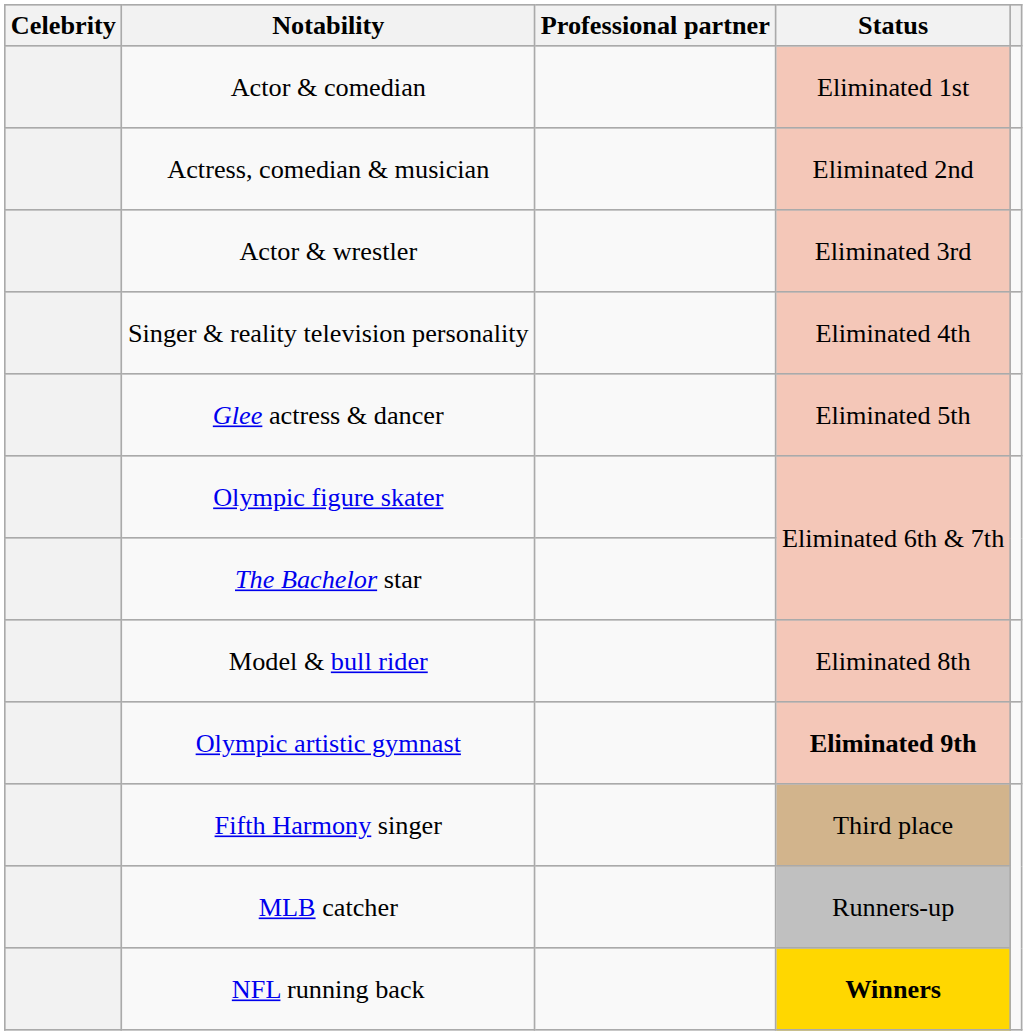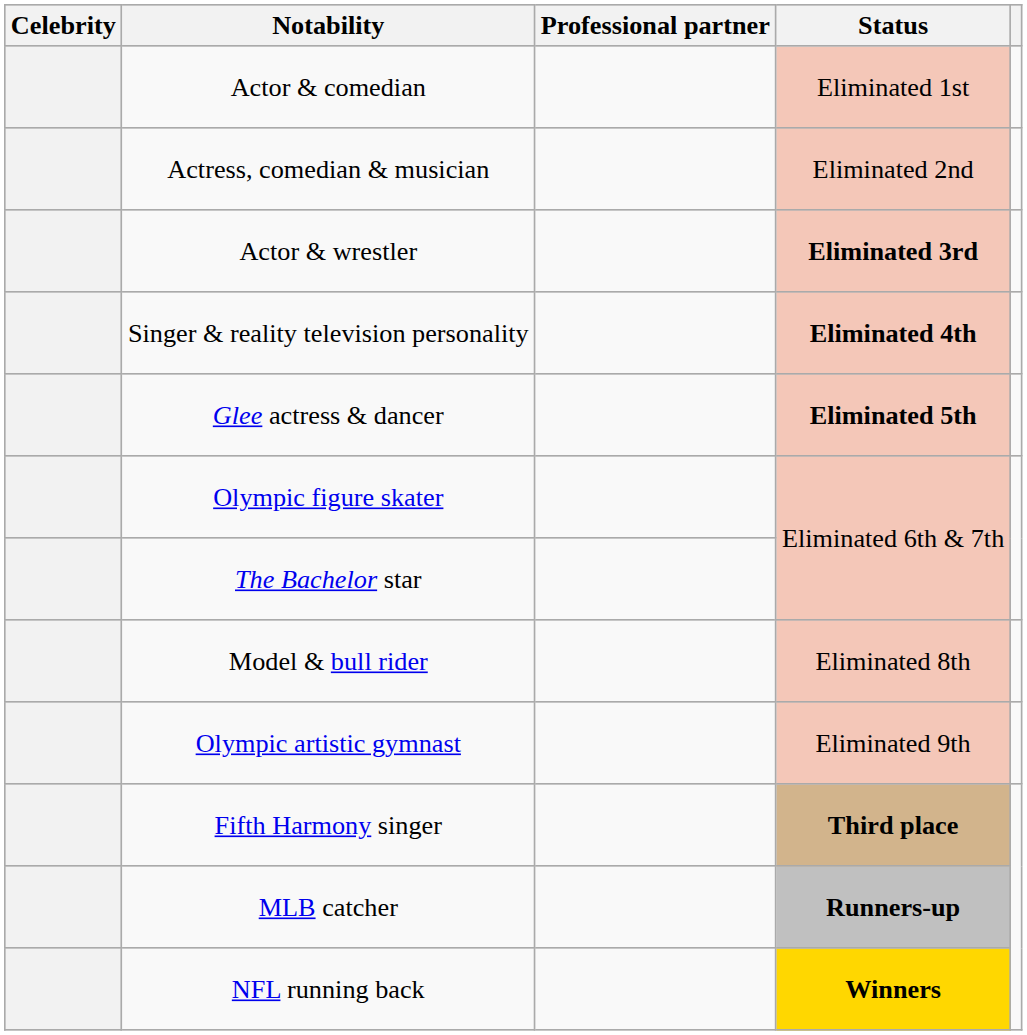 <table class="wikitable sortable" style="text-align:center;">
 <tr>
 <th scope="col">Celebrity</th>
 <th scope="col" class="unsortable">Notability</th>
 <th scope="col">Professional partner</th>
 <th scope="col">Status</th>
 <th scope="col" class="unsortable"></th>
 </tr>
 <tr style="height:50px">
 <th scope="row"></th>
 <td>Actor & comedian</td>
 <td></td>
 <td style="background:#f4c7b8;">Eliminated 1st<br></td>
 <td></td>
 </tr>
 <tr style="height:50px">
 <th scope="row"></th>
 <td>Actress, comedian & musician</td>
 <td></td>
 <td style="background:#f4c7b8;">Eliminated 2nd<br></td>
 <td></td>
 </tr>
 <tr style="height:50px">
 <th scope="row"></th>
 <td>Actor & wrestler</td>
 <td></td>
-<td style="background:#f4c7b8;">Eliminated 3rd<br></td>
+<td style="background:#f4c7b8;"><strong>Eliminated 3rd<br></strong></td>
 <td></td>
 </tr>
 <tr style="height:50px">
 <th scope="row"></th>
 <td>Singer & reality television personality</td>
 <td></td>
-<td style="background:#f4c7b8;">Eliminated 4th<br></td>
+<td style="background:#f4c7b8;"><strong>Eliminated 4th<br></strong></td>
 <td></td>
 </tr>
 <tr style="height:50px">
 <th scope="row"></th>
 <td><em><a href='#'>Glee</a></em> actress & dancer</td>
 <td><br><em></em></td>
-<td style="background:#f4c7b8;">Eliminated 5th<br></td>
+<td style="background:#f4c7b8;"><strong>Eliminated 5th<br></strong></td>
 <td></td>
 </tr>
 <tr style="height:50px">
 <th scope="row"></th>
 <td><a href='#'>Olympic figure skater</a></td>
 <td></td>
 <td style="background:#f4c7b8;" rowspan=2>Eliminated 6th & 7th<br></td>
 <td rowspan=2></td>
 </tr>
 <tr style="height:50px">
 <th scope="row"></th>
 <td><em><a href='#'>The Bachelor</a></em> star</td>
 <td></td>
 </tr>
 <tr style="height:50px">
 <th scope="row"></th>
 <td>Model & <a href='#'>bull rider</a></td>
 <td></td>
 <td style="background:#f4c7b8;">Eliminated 8th<br></td>
 <td></td>
 </tr>
 <tr style="height:50px">
 <th scope="row"></th>
 <td><a href='#'>Olympic artistic gymnast</a></td>
 <td></td>
-<td style="background:#f4c7b8;"><strong>Eliminated 9th<br></strong></td>
+<td style="background:#f4c7b8;">Eliminated 9th<br></td>
 <td></td>
 </tr>
 <tr style="height:50px">
 <th scope="row"></th>
 <td><a href='#'>Fifth Harmony</a> singer</td>
 <td></td>
-<td style="background:tan;">Third place<br></td>
+<td style="background:tan;"><strong>Third place<br></strong></td>
 <td rowspan=3></td>
 </tr>
 <tr style="height:50px">
 <th scope="row"></th>
 <td><a href='#'>MLB</a> catcher</td>
 <td></td>
-<td style="background:silver;">Runners-up<br></td>
+<td style="background:silver;"><strong>Runners-up<br></strong></td>
 </tr>
 <tr style="height:50px">
 <th scope="row"></th>
 <td><a href='#'>NFL</a> running back</td>
 <td></td>
 <td style="background:gold;"><strong>Winners</strong><br></td>
 </tr>
 </table>
